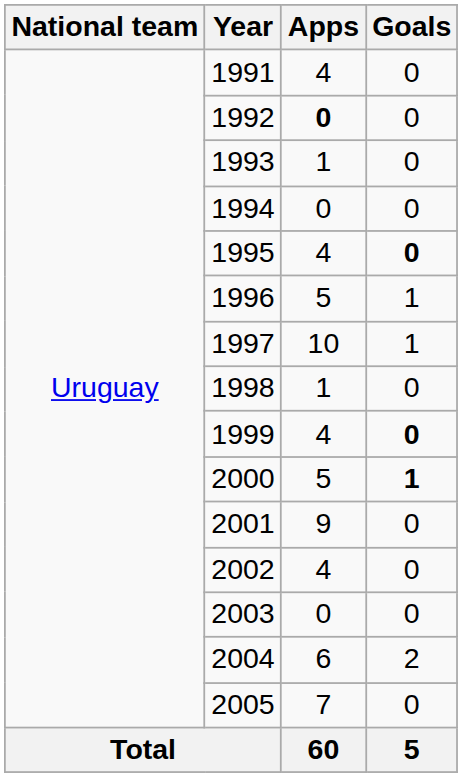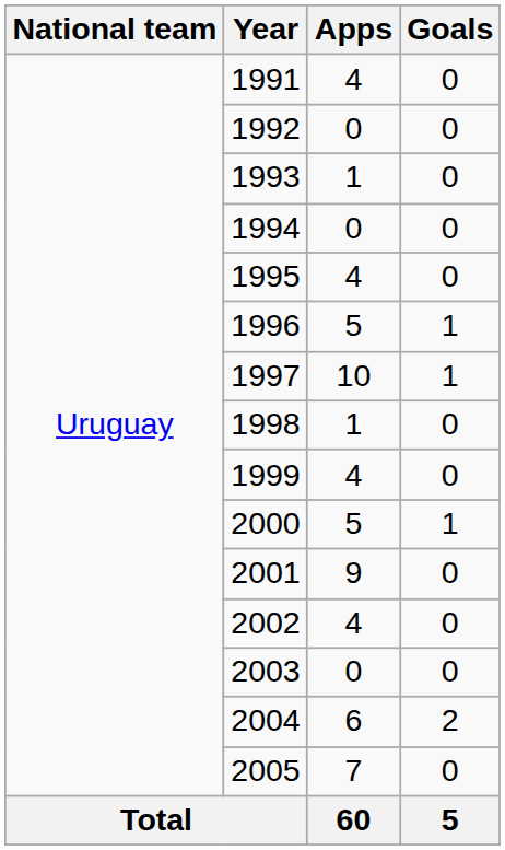 <table class=wikitable style=text-align:center>
 <tr>
 <th>National team</th>
 <th>Year</th>
 <th>Apps</th>
 <th>Goals</th>
 </tr>
 <tr>
 <td rowspan=15><a href='#'>Uruguay</a></td>
 <td>1991</td>
 <td>4</td>
 <td>0</td>
 </tr>
 <tr>
 <td>1992</td>
-<td><strong>0</strong></td>
+<td>0</td>
 <td>0</td>
 </tr>
 <tr>
 <td>1993</td>
 <td>1</td>
 <td>0</td>
 </tr>
 <tr>
 <td>1994</td>
 <td>0</td>
 <td>0</td>
 </tr>
 <tr>
 <td>1995</td>
 <td>4</td>
-<td><strong>0</strong></td>
+<td>0</td>
 </tr>
 <tr>
 <td>1996</td>
 <td>5</td>
 <td>1</td>
 </tr>
 <tr>
 <td>1997</td>
 <td>10</td>
 <td>1</td>
 </tr>
 <tr>
 <td>1998</td>
 <td>1</td>
 <td>0</td>
 </tr>
 <tr>
 <td>1999</td>
 <td>4</td>
-<td><strong>0</strong></td>
+<td>0</td>
 </tr>
 <tr>
 <td>2000</td>
 <td>5</td>
-<td><strong>1</strong></td>
+<td>1</td>
 </tr>
 <tr>
 <td>2001</td>
 <td>9</td>
 <td>0</td>
 </tr>
 <tr>
 <td>2002</td>
 <td>4</td>
 <td>0</td>
 </tr>
 <tr>
 <td>2003</td>
 <td>0</td>
 <td>0</td>
 </tr>
 <tr>
 <td>2004</td>
 <td>6</td>
 <td>2</td>
 </tr>
 <tr>
 <td>2005</td>
 <td>7</td>
 <td>0</td>
 </tr>
 <tr>
 <th colspan=2>Total</th>
 <th>60</th>
 <th>5</th>
 </tr>
 </table>
